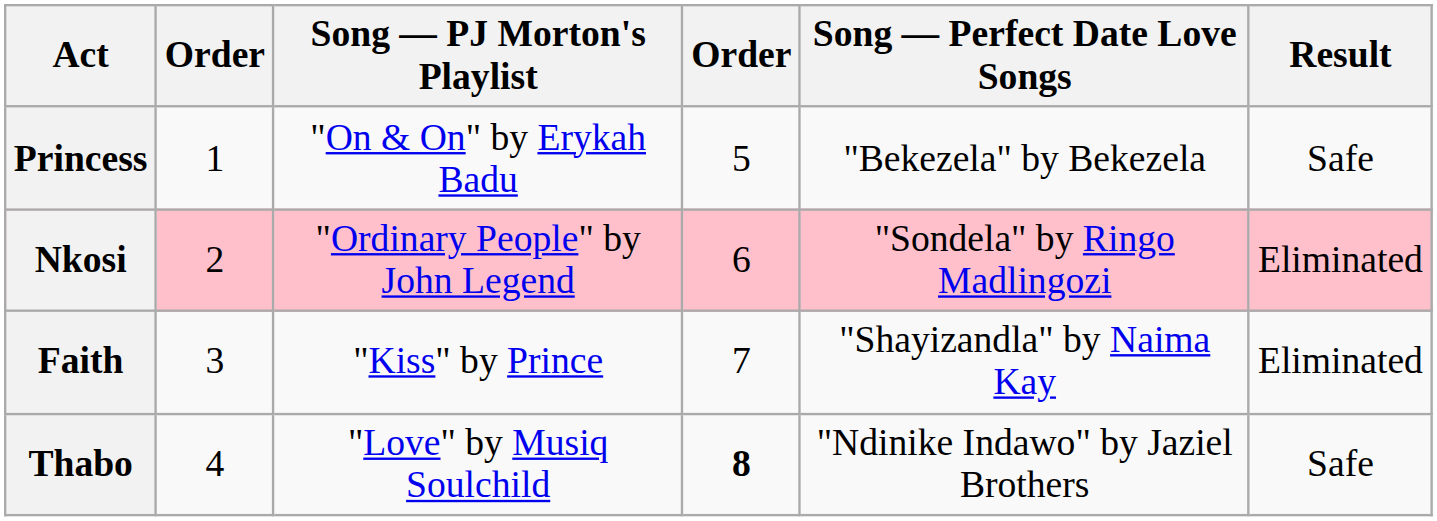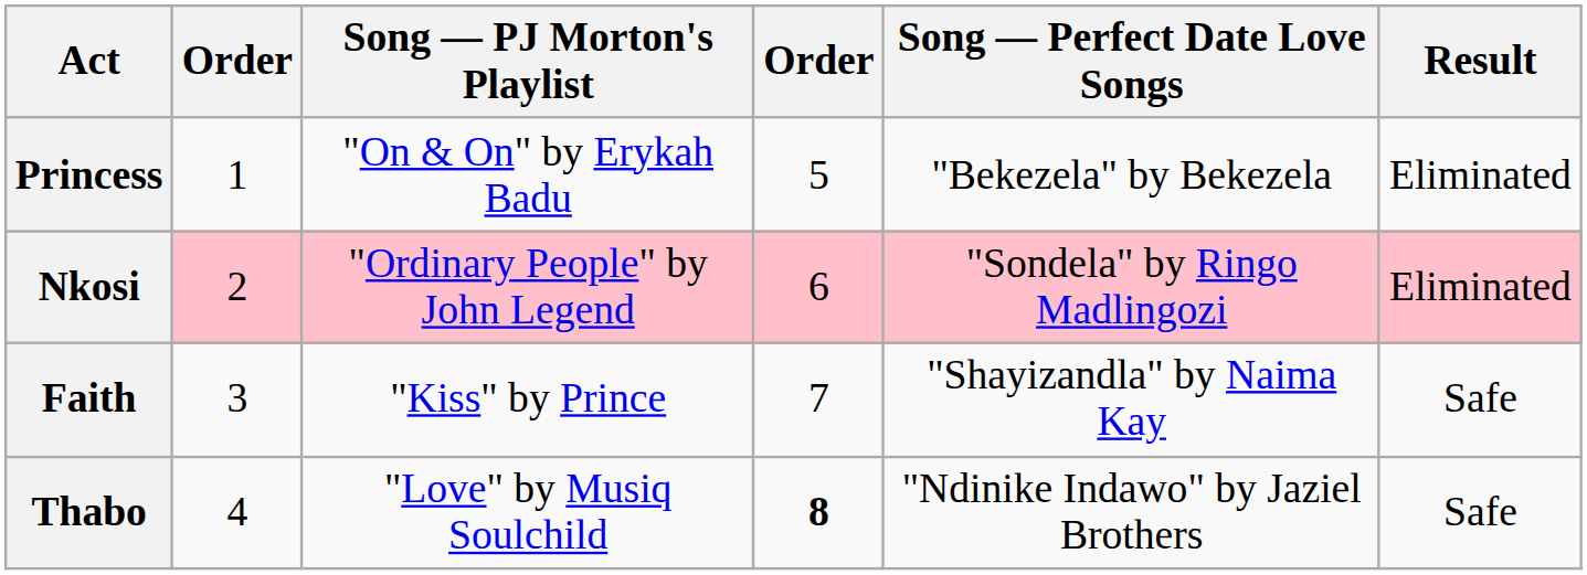 <table class="wikitable plainrowheaders" style="text-align:center;">
 <tr>
 <th scope"col">Act</th>
 <th scope"col">Order</th>
 <th scope"col">Song — PJ Morton's Playlist</th>
 <th scope"col">Order</th>
 <th scope"col">Song — Perfect Date Love Songs</th>
 <th scope"col">Result</th>
 </tr>
 <tr>
 <th scope=row>Princess</th>
 <td>1</td>
 <td>"<a href='#'>On & On</a>" by <a href='#'>Erykah Badu</a></td>
 <td>5</td>
 <td>"Bekezela" by Bekezela</td>
-<td>Safe</td>
+<td>Eliminated</td>
 </tr>
 <tr bgcolor="pink">
 <th scope=row>Nkosi</th>
 <td>2</td>
 <td>"<a href='#'>Ordinary People</a>" by <a href='#'>John Legend</a></td>
 <td>6</td>
 <td>"Sondela" by <a href='#'>Ringo Madlingozi</a></td>
 <td>Eliminated</td>
 </tr>
 <tr>
 <th scope=row>Faith</th>
 <td>3</td>
 <td>"<a href='#'>Kiss</a>" by <a href='#'>Prince</a></td>
 <td>7</td>
 <td>"Shayizandla" by <a href='#'>Naima Kay</a></td>
-<td>Eliminated</td>
+<td>Safe</td>
 </tr>
 <tr>
 <th scope=row>Thabo</th>
 <td>4</td>
 <td>"<a href='#'>Love</a>" by <a href='#'>Musiq Soulchild</a></td>
 <td><strong>8</strong></td>
 <td>"Ndinike Indawo" by Jaziel Brothers</td>
 <td>Safe</td>
 </tr>
 </table>
